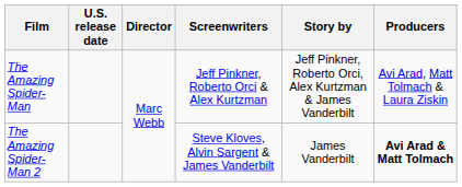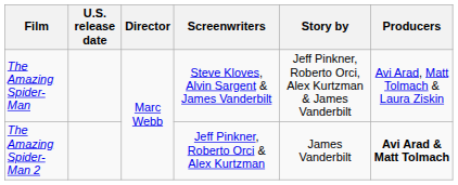 <table class="wikitable plainrowheaders" style="text-align:center;">
 <tr>
 <th>Film</th>
 <th>U.S. release date</th>
 <th>Director</th>
 <th>Screenwriters</th>
 <th>Story by</th>
 <th>Producers</th>
 </tr>
 <tr>
 <td style="text-align:left"><em><a href='#'>The Amazing Spider-Man</a></em></td>
 <td style="text-align:left"></td>
 <td rowspan="2"><a href='#'>Marc Webb</a></td>
-<td><a href='#'>Jeff Pinkner</a>, <a href='#'>Roberto Orci</a> & <a href='#'>Alex Kurtzman</a></td>
+<td><a href='#'>Steve Kloves</a>, <a href='#'>Alvin Sargent</a> & <a href='#'>James Vanderbilt</a></td>
 <td>Jeff Pinkner, Roberto Orci, Alex Kurtzman & James Vanderbilt</td>
 <td><a href='#'>Avi Arad</a>, <a href='#'>Matt Tolmach</a> & <a href='#'>Laura Ziskin</a></td>
 </tr>
 <tr>
 <td style="text-align:left"><em><a href='#'>The Amazing Spider-Man 2</a></em></td>
 <td style="text-align:left"></td>
-<td><a href='#'>Steve Kloves</a>, <a href='#'>Alvin Sargent</a> & <a href='#'>James Vanderbilt</a></td>
+<td><a href='#'>Jeff Pinkner</a>, <a href='#'>Roberto Orci</a> & <a href='#'>Alex Kurtzman</a></td>
 <td>James Vanderbilt</td>
 <td><strong>Avi Arad & Matt Tolmach</strong></td>
 </tr>
 </table>
